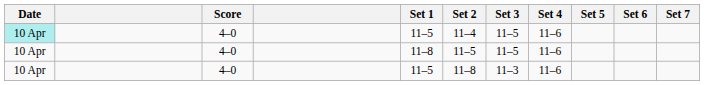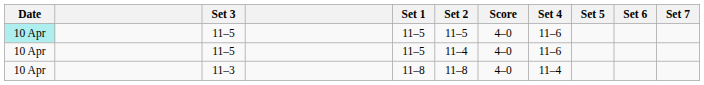 <table class="wikitable" style="text-align: center; font-size:90% ">
 <tr>
 <th width="60">Date</th>
 <th align="right" width="200"></th>
-<th width="60">Score</th>
+<th width="50">Set 3</th>
 <th align="left" width="200"></th>
 <th width="50">Set 1</th>
 <th width="50">Set 2</th>
-<th width="50">Set 3</th>
+<th width="60">Score</th>
 <th width="50">Set 4</th>
 <th width="50">Set 5</th>
 <th width="50">Set 6</th>
 <th width="50">Set 7</th>
 </tr>
 <tr>
 <td style="background: paleturquoise;">10 Apr</td>
 <td align=left><strong></strong></td>
-<td align=center>4–0</td>
+<td>11–5</td>
 <td align=left></td>
 <td>11–5</td>
-<td>11–4</td>
 <td>11–5</td>
+<td align=center>4–0</td>
 <td>11–6</td>
 <td></td>
 <td></td>
 <td></td>
 </tr>
 <tr>
 <td>10 Apr</td>
 <td align=left><strong></strong></td>
+<td>11–5</td>
+<td align=left></td>
+<td>11–5</td>
+<td>11–4</td>
 <td align=center>4–0</td>
-<td align=left></td>
-<td>11–8</td>
-<td>11–5</td>
-<td>11–5</td>
 <td>11–6</td>
 <td></td>
 <td></td>
 <td></td>
 </tr>
 <tr>
 <td>10 Apr</td>
 <td align=left><strong></strong></td>
+<td>11–3</td>
+<td align=left></td>
+<td>11–8</td>
+<td>11–8</td>
 <td align=center>4–0</td>
-<td align=left></td>
-<td>11–5</td>
-<td>11–8</td>
-<td>11–3</td>
-<td>11–6</td>
+<td>11–4</td>
 <td></td>
 <td></td>
 <td></td>
 </tr>
 </table>
